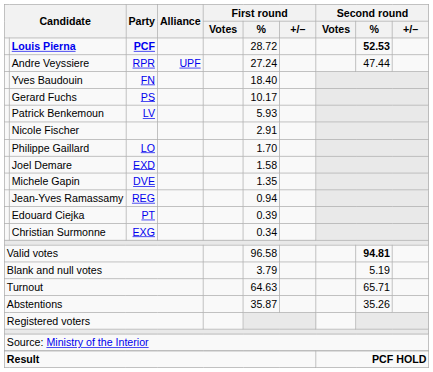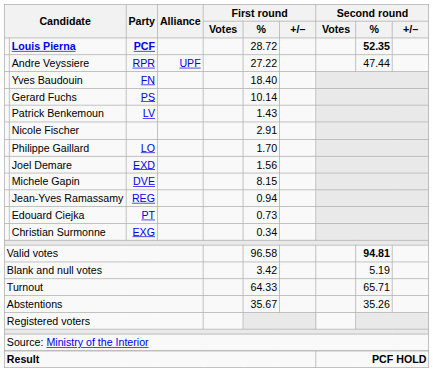 <table class="wikitable" style="text-align:right;font-size:95%;">
 <tr>
 <th rowspan="2" colspan="2">Candidate</th>
 <th rowspan="2">Party</th>
 <th rowspan="2">Alliance</th>
 <th colspan="3">First round</th>
 <th colspan="3">Second round</th>
 </tr>
 <tr>
 <th style="width:50px;">Votes</th>
 <th style="width:45px;">%</th>
 <th style="width:45px;">+/–</th>
 <th style="width:50px;">Votes</th>
 <th style="width:45px;">%</th>
 <th style="width:45px;">+/–</th>
 </tr>
 <tr>
 <td style="color:inherit;background:"></td>
 <td style="text-align:left;"><strong><a href='#'>Louis Pierna</a></strong></td>
 <td><a href='#'><strong>PCF</strong></a> </td>
 <td></td>
 <td></td>
 <td>28.72</td>
 <td></td>
 <td><strong></strong></td>
-<td><strong>52.53</strong></td>
+<td><strong>52.35</strong></td>
 <td></td>
 </tr>
 <tr>
 <td style="color:inherit;background:"></td>
 <td style="text-align:left;">Andre Veyssiere</td>
 <td><a href='#'>RPR</a> </td>
 <td><a href='#'>UPF</a> </td>
 <td></td>
-<td>27.24</td>
+<td>27.22</td>
 <td></td>
 <td></td>
 <td>47.44</td>
 <td></td>
 </tr>
 <tr>
 <td style="color:inherit;background:"></td>
 <td style="text-align:left;">Yves Baudouin</td>
 <td><a href='#'>FN</a></td>
 <td></td>
 <td></td>
 <td>18.40</td>
 <td></td>
 <td colspan="3" style="background:#E9E9E9;"></td>
 </tr>
 <tr>
 <td style="color:inherit;background:"></td>
 <td style="text-align:left;">Gerard Fuchs</td>
 <td><a href='#'>PS</a></td>
 <td></td>
 <td></td>
-<td>10.17</td>
+<td>10.14</td>
 <td></td>
 <td colspan="3" style="background:#E9E9E9;"></td>
 </tr>
 <tr>
 <td style="color:inherit;background:"></td>
 <td style="text-align:left;">Patrick Benkemoun</td>
 <td><a href='#'>LV</a></td>
 <td></td>
 <td></td>
-<td>5.93</td>
+<td>1.43</td>
 <td></td>
 <td colspan="3" style="background:#E9E9E9;"></td>
 </tr>
 <tr>
 <td style="color:inherit;background:"></td>
 <td style="text-align:left;">Nicole Fischer</td>
 <td></td>
 <td></td>
 <td></td>
 <td>2.91</td>
 <td></td>
 <td colspan="3" style="background:#E9E9E9;"></td>
 </tr>
 <tr>
 <td style="color:inherit;background:"></td>
 <td style="text-align:left;">Philippe Gaillard</td>
 <td><a href='#'>LO</a></td>
 <td></td>
 <td></td>
 <td>1.70</td>
 <td></td>
 <td colspan="3" style="background:#E9E9E9;"></td>
 </tr>
 <tr>
 <td style="color:inherit;background:"></td>
 <td style="text-align:left;">Joel Demare</td>
 <td><a href='#'>EXD</a></td>
 <td></td>
 <td></td>
-<td>1.58</td>
+<td>1.56</td>
 <td></td>
 <td colspan="3" style="background:#E9E9E9;"></td>
 </tr>
 <tr>
 <td style="color:inherit;background:"></td>
 <td style="text-align:left;">Michele Gapin</td>
 <td><a href='#'>DVE</a></td>
 <td></td>
 <td></td>
-<td>1.35</td>
+<td>8.15</td>
 <td></td>
 <td colspan="3" style="background:#E9E9E9;"></td>
 </tr>
 <tr>
 <td style="color:inherit;background:"></td>
 <td style="text-align:left;">Jean-Yves Ramassamy</td>
 <td><a href='#'>REG</a></td>
 <td></td>
 <td></td>
 <td>0.94</td>
 <td></td>
 <td colspan="3" style="background:#E9E9E9;"></td>
 </tr>
 <tr>
 <td style="color:inherit;background:"></td>
 <td style="text-align:left;">Edouard Ciejka</td>
 <td><a href='#'>PT</a></td>
 <td></td>
 <td></td>
-<td>0.39</td>
+<td>0.73</td>
 <td></td>
 <td colspan="3" style="background:#E9E9E9;"></td>
 </tr>
 <tr>
 <td style="color:inherit;background:"></td>
 <td style="text-align:left;">Christian Surmonne</td>
 <td><a href='#'>EXG</a></td>
 <td></td>
 <td></td>
 <td>0.34</td>
 <td></td>
 <td colspan="3" style="background:#E9E9E9;"></td>
 </tr>
 <tr>
 <td colspan="10" style="background:#E9E9E9;"></td>
 </tr>
 <tr>
 <td colspan="4" style="text-align:left;">Valid votes</td>
 <td></td>
 <td>96.58</td>
 <td></td>
 <td></td>
 <td><strong>94.81</strong></td>
 <td></td>
 </tr>
 <tr>
 <td colspan="4" style="text-align:left;">Blank and null votes</td>
 <td></td>
-<td>3.79</td>
+<td>3.42</td>
 <td></td>
 <td></td>
 <td>5.19</td>
 <td></td>
 </tr>
 <tr>
 <td colspan="4" style="text-align:left;">Turnout</td>
 <td></td>
-<td>64.63</td>
+<td>64.33</td>
 <td></td>
 <td></td>
 <td>65.71</td>
 <td></td>
 </tr>
 <tr>
 <td colspan="4" style="text-align:left;">Abstentions</td>
 <td></td>
-<td>35.87</td>
+<td>35.67</td>
 <td></td>
 <td></td>
 <td>35.26</td>
 <td></td>
 </tr>
 <tr>
 <td colspan="4" style="text-align:left;">Registered voters</td>
 <td></td>
 <td colspan="2" style="background:#E9E9E9;"></td>
 <td></td>
 <td colspan="2" style="background:#E9E9E9;"></td>
 </tr>
 <tr>
 <td colspan="10" style="background:#E9E9E9;"></td>
 </tr>
 <tr>
 <td colspan="10" style="text-align:left;">Source: <a href='#'>Ministry of the Interior</a></td>
 </tr>
 <tr>
 </tr>
 <tr style="font-weight:bold">
 <td colspan="7" style="text-align:left;">Result</td>
 <td colspan="7" style="background-color:">PCF HOLD</td>
 </tr>
 </table>
